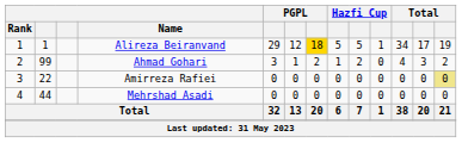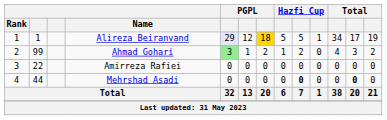 <table class="wikitable sortable" style="text-align:center; font-size:95%;">
 <tr>
 <th colspan="4"></th>
 <th colspan="3">PGPL</th>
 <th colspan="3"><a href='#'>Hazfi Cup</a></th>
 <th colspan="3">Total</th>
 </tr>
 <tr>
 <th width=20>Rank</th>
 <th width=20></th>
 <th width=20></th>
 <th width=220>Name</th>
 <th width=20></th>
 <th width=20></th>
 <th width=20></th>
 <th width=20></th>
 <th width=20></th>
 <th width=20></th>
 <th width=20></th>
 <th width=20></th>
 <th width=20></th>
 </tr>
 <tr>
 <td>1</td>
 <td>1</td>
 <td></td>
 <td><a href='#'>Alireza Beiranvand</a></td>
-<td>29</td>
+<td style="background: lavender;">29</td>
 <td>12</td>
 <td style="background:Gold">18</td>
 <td>5</td>
 <td>5</td>
 <td>1</td>
 <td>34</td>
 <td>17</td>
 <td>19</td>
 </tr>
 <tr>
 <td>2</td>
 <td>99</td>
 <td></td>
 <td><a href='#'>Ahmad Gohari</a></td>
-<td>3</td>
+<td style="background: lightgreen;">3</td>
 <td>1</td>
 <td>2</td>
 <td>1</td>
 <td>2</td>
 <td>0</td>
 <td>4</td>
 <td>3</td>
 <td>2</td>
 </tr>
 <tr>
 <td>3</td>
 <td>22</td>
 <td></td>
 <td>Amirreza Rafiei</td>
 <td>0</td>
 <td>0</td>
 <td>0</td>
 <td>0</td>
 <td>0</td>
 <td>0</td>
 <td>0</td>
 <td>0</td>
-<td style="background: khaki;">0</td>
+<td>0</td>
 </tr>
 <tr>
 <td>4</td>
 <td>44</td>
 <td></td>
 <td><a href='#'>Mehrshad Asadi</a></td>
 <td>0</td>
 <td>0</td>
 <td>0</td>
 <td>0</td>
+<td><strong>0</strong></td>
 <td>0</td>
 <td>0</td>
-<td>0</td>
-<td>0</td>
+<td><strong>0</strong></td>
 <td>0</td>
 </tr>
 <tr>
 <th colspan="4">Total</th>
 <th>32</th>
 <th>13</th>
 <th>20</th>
 <th>6</th>
 <th>7</th>
 <th>1</th>
 <th>38</th>
 <th>20</th>
 <th>21</th>
 </tr>
 <tr>
 </tr>
 <tr style="text-align:left; background:#dcdcdc;">
 <th colspan="22"><small>Last updated: 31 May 2023</small></th>
 </tr>
 </table>
